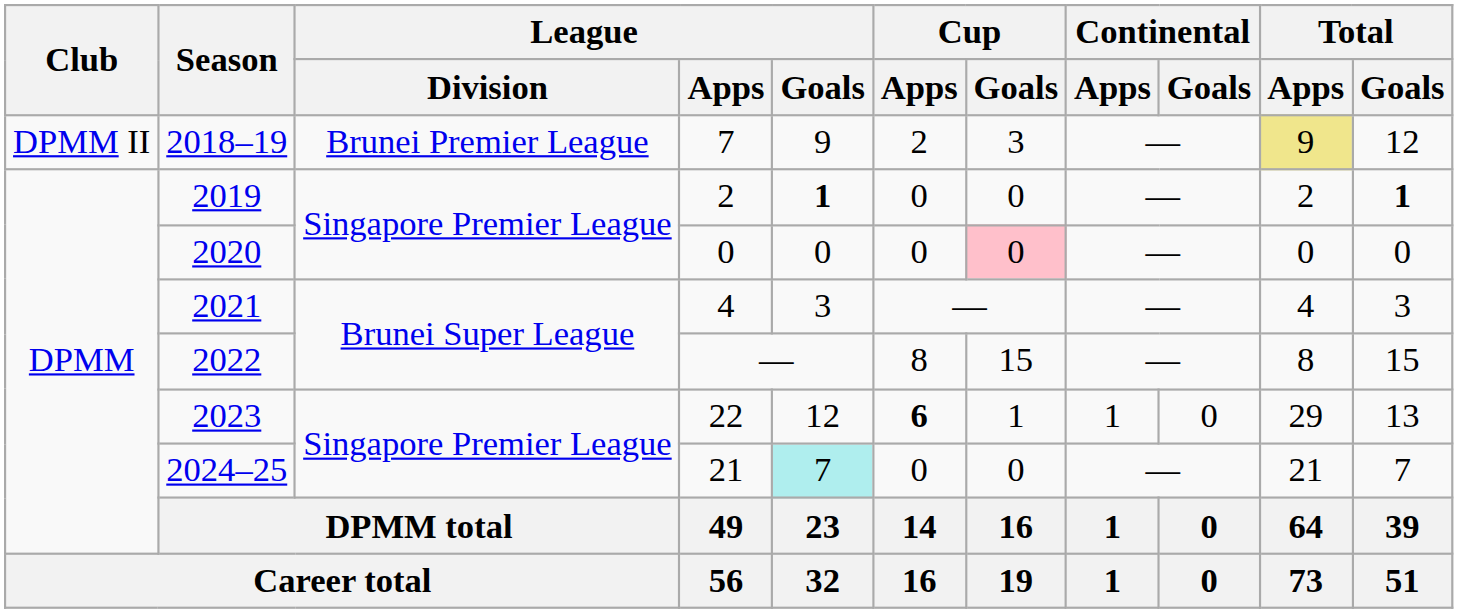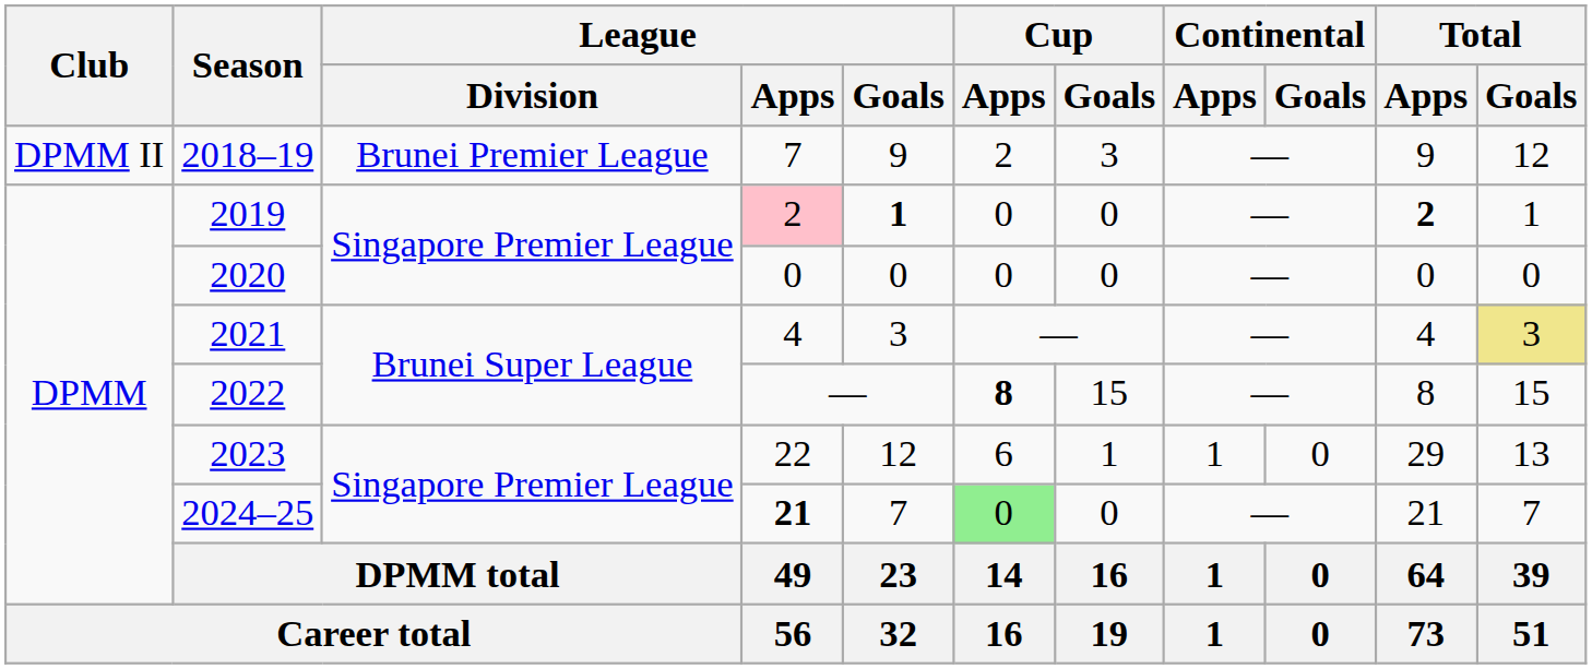 <table class="wikitable" style="text-align: center">
 <tr>
 <th rowspan="2">Club</th>
 <th rowspan="2">Season</th>
 <th colspan="3">League</th>
 <th colspan="2">Cup</th>
 <th colspan="2">Continental</th>
 <th colspan="2">Total</th>
 </tr>
 <tr>
 <th>Division</th>
 <th>Apps</th>
 <th>Goals</th>
 <th>Apps</th>
 <th>Goals</th>
 <th>Apps</th>
 <th>Goals</th>
 <th>Apps</th>
 <th>Goals</th>
 </tr>
 <tr>
 <td><a href='#'>DPMM</a> II</td>
 <td><a href='#'>2018–19</a></td>
 <td><a href='#'>Brunei Premier League</a></td>
 <td>7</td>
 <td>9</td>
 <td>2</td>
 <td>3</td>
 <td colspan="2">—</td>
-<td style="background: khaki;">9</td>
+<td>9</td>
 <td>12</td>
 </tr>
 <tr>
 <td rowspan="7"><a href='#'>DPMM</a></td>
 <td><a href='#'>2019</a></td>
 <td rowspan="2"><a href='#'>Singapore Premier League</a></td>
-<td>2</td>
+<td style="background: pink;">2</td>
 <td><strong>1</strong></td>
 <td>0</td>
 <td>0</td>
 <td colspan="2">—</td>
-<td>2</td>
-<td><strong>1</strong></td>
+<td><strong>2</strong></td>
+<td>1</td>
 </tr>
 <tr>
 <td><a href='#'>2020</a></td>
 <td>0</td>
 <td>0</td>
 <td>0</td>
-<td style="background: pink;">0</td>
+<td>0</td>
 <td colspan="2">—</td>
 <td>0</td>
 <td>0</td>
 </tr>
 <tr>
 <td><a href='#'>2021</a></td>
 <td rowspan="2"><a href='#'>Brunei Super League</a></td>
 <td>4</td>
 <td>3</td>
 <td colspan="2">—</td>
 <td colspan="2">—</td>
 <td>4</td>
-<td>3</td>
+<td style="background: khaki;">3</td>
 </tr>
 <tr>
 <td><a href='#'>2022</a></td>
 <td colspan="2">—</td>
-<td>8</td>
+<td><strong>8</strong></td>
 <td>15</td>
 <td colspan="2">—</td>
 <td>8</td>
 <td>15</td>
 </tr>
 <tr>
 <td><a href='#'>2023</a></td>
 <td rowspan="2"><a href='#'>Singapore Premier League</a></td>
 <td>22</td>
 <td>12</td>
-<td><strong>6</strong></td>
+<td>6</td>
 <td>1</td>
 <td>1</td>
 <td>0</td>
 <td>29</td>
 <td>13</td>
 </tr>
 <tr>
 <td><a href='#'>2024–25</a></td>
-<td>21</td>
-<td style="background: paleturquoise;">7</td>
-<td>0</td>
+<td><strong>21</strong></td>
+<td>7</td>
+<td style="background: lightgreen;">0</td>
 <td>0</td>
 <td colspan="2">—</td>
 <td>21</td>
 <td>7</td>
 </tr>
 <tr>
 <th colspan=2>DPMM total</th>
 <th>49</th>
 <th>23</th>
 <th>14</th>
 <th>16</th>
 <th>1</th>
 <th>0</th>
 <th>64</th>
 <th>39</th>
 </tr>
 <tr>
 <th colspan=3>Career total</th>
 <th>56</th>
 <th>32</th>
 <th>16</th>
 <th>19</th>
 <th>1</th>
 <th>0</th>
 <th>73</th>
 <th>51</th>
 </tr>
 </table>
